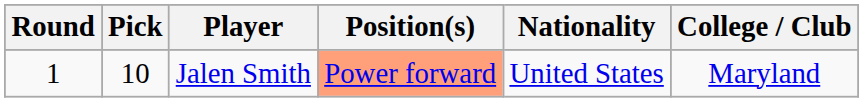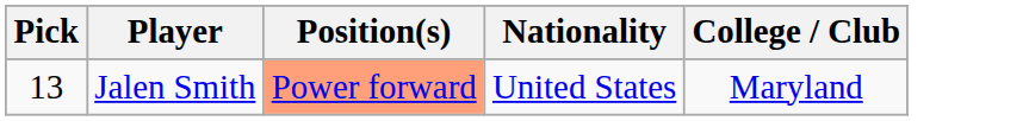 <table class="wikitable sortable sortable">
 <tr>
-<th>Round</th>
 <th>Pick</th>
 <th>Player</th>
 <th>Position(s)</th>
 <th>Nationality</th>
 <th>College / Club</th>
 </tr>
 <tr style="text-align: center">
-<td>1</td>
-<td>10</td>
+<td>13</td>
 <td><a href='#'>Jalen Smith</a></td>
 <td style="background: lightsalmon;"><a href='#'>Power forward</a></td>
 <td> <a href='#'>United States</a></td>
 <td><a href='#'>Maryland</a></td>
 </tr>
 </table>
